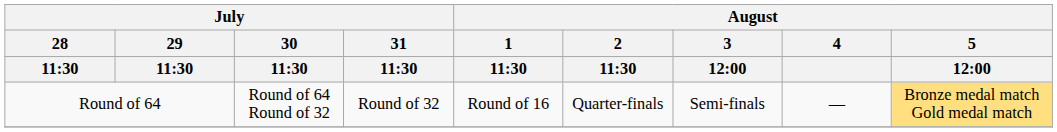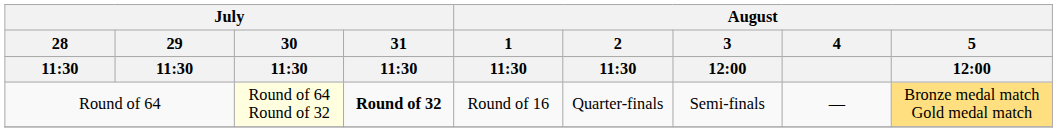 <table class="wikitable" style="margin:1em auto; text-align:center">
 <tr>
 <th colspan=4>July</th>
 <th colspan=5>August</th>
 </tr>
 <tr>
 <th width=100>28</th>
 <th width=110>29</th>
 <th width=100>30</th>
 <th width=100>31</th>
 <th width=100>1</th>
 <th width=100>2</th>
 <th width=100>3</th>
 <th width=100>4</th>
 <th width=150>5</th>
 </tr>
 <tr>
 <th>11:30</th>
 <th>11:30</th>
 <th>11:30</th>
 <th>11:30</th>
 <th>11:30</th>
 <th>11:30</th>
 <th>12:00</th>
 <th></th>
 <th>12:00</th>
 </tr>
 <tr>
 <td colspan="2">Round of 64</td>
-<td>Round of 64<br>Round of 32</td>
-<td>Round of 32</td>
+<td style="background: lightyellow;">Round of 64<br>Round of 32</td>
+<td><strong>Round of 32</strong></td>
 <td>Round of 16</td>
 <td>Quarter-finals</td>
 <td>Semi-finals</td>
 <td>—</td>
 <td style="background:#ffdf80;">Bronze medal match<br>Gold medal match</td>
 </tr>
 <tr>
 </tr>
 </table>
